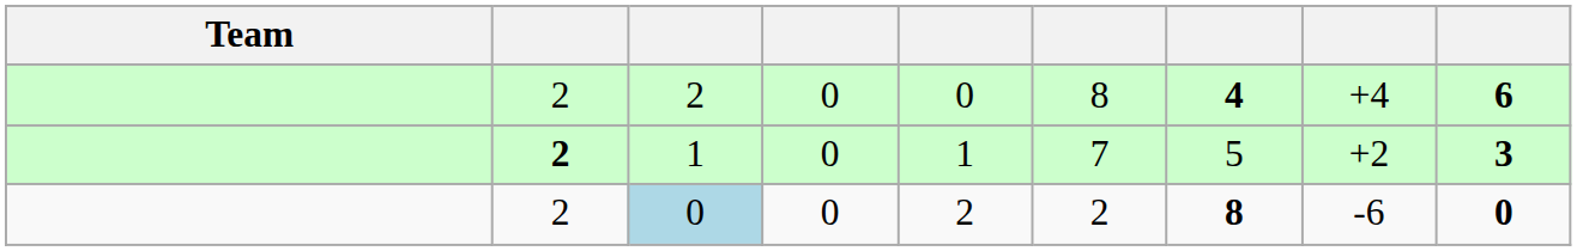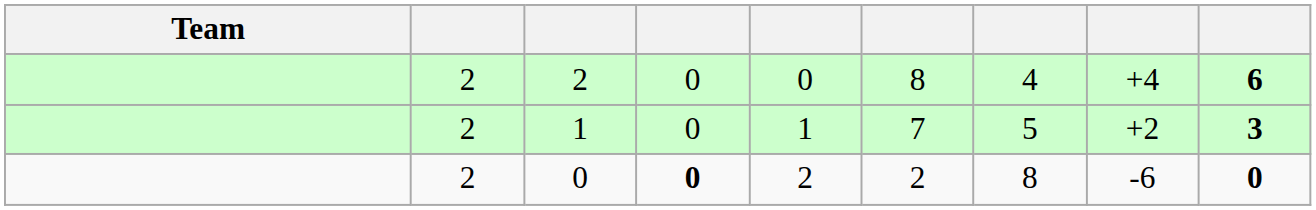 <table class="wikitable" style="text-align: center;">
 <tr>
 <th width=200>Team</th>
 <th width=50 abbr="Played"></th>
 <th width=50 abbr="Won"></th>
 <th width=50 abbr="Drawn"></th>
 <th width=50 abbr="Lost"></th>
 <th width=50 abbr="Goals for"></th>
 <th width=50 abbr="Goals against"></th>
 <th width=50 abbr="Goal difference"></th>
 <th width=50 abbr="Points"></th>
 </tr>
 <tr align=center style="background:#ccffcc;">
 <td align="left"><strong></strong></td>
 <td>2</td>
 <td>2</td>
 <td>0</td>
 <td>0</td>
 <td>8</td>
-<td><strong>4</strong></td>
+<td>4</td>
 <td>+4</td>
 <td><strong>6</strong></td>
 </tr>
 <tr align=center style="background:#ccffcc;">
 <td align="left"><strong></strong></td>
-<td><strong>2</strong></td>
+<td>2</td>
 <td>1</td>
 <td>0</td>
 <td>1</td>
 <td>7</td>
 <td>5</td>
 <td>+2</td>
 <td><strong>3</strong></td>
 </tr>
 <tr>
 <td align="left"></td>
 <td>2</td>
-<td style="background: lightblue;">0</td>
 <td>0</td>
+<td><strong>0</strong></td>
 <td>2</td>
 <td>2</td>
-<td><strong>8</strong></td>
+<td>8</td>
 <td>-6</td>
 <td><strong>0</strong></td>
 </tr>
 </table>
